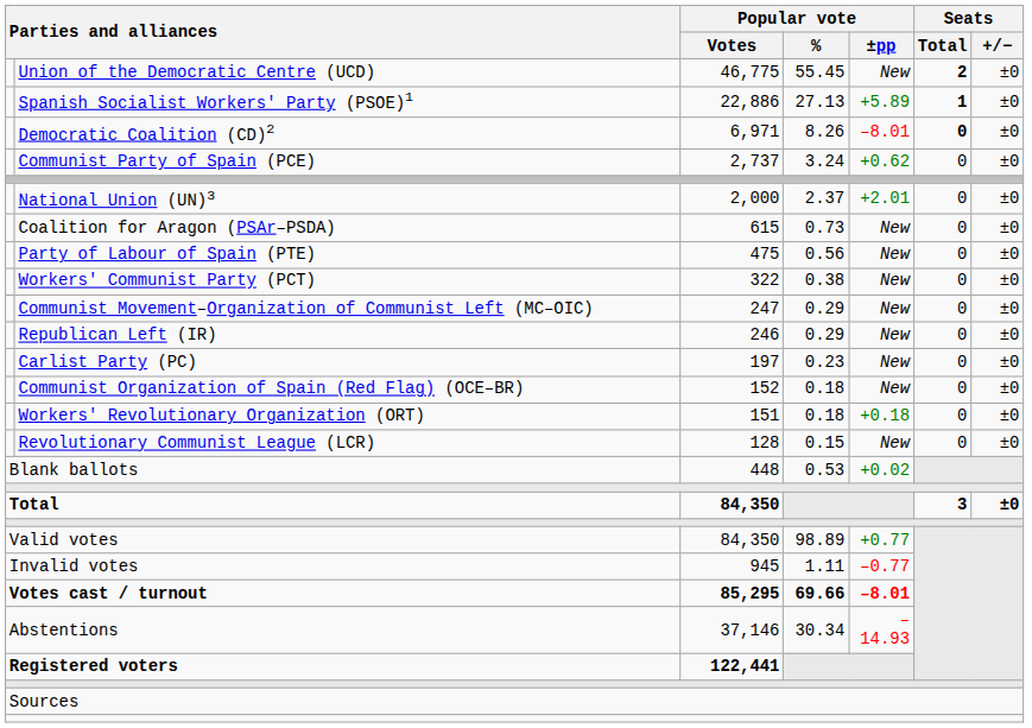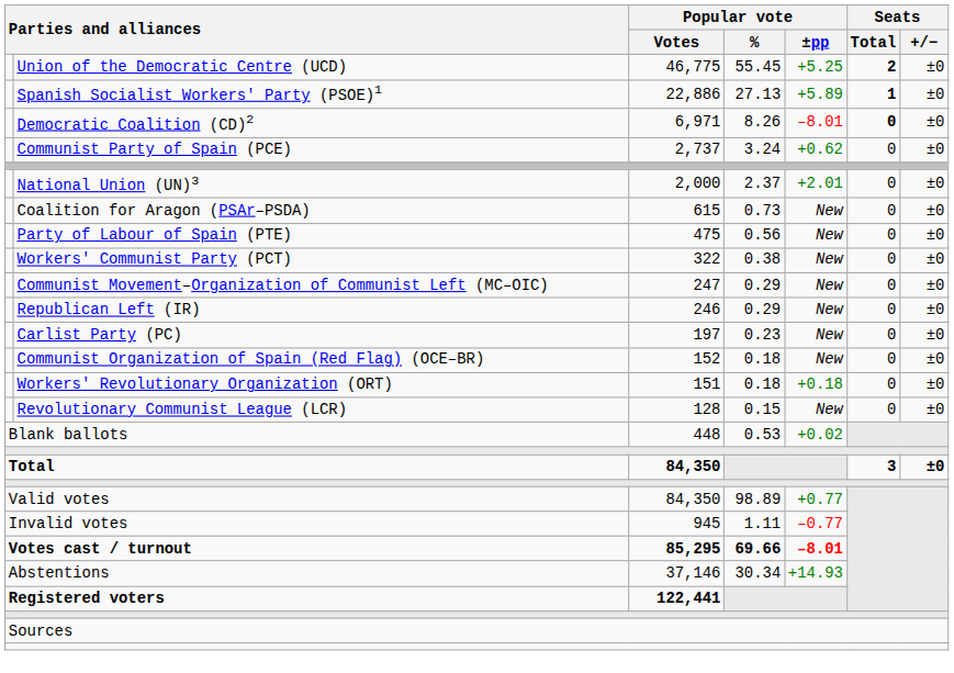 <table class="wikitable" style="text-align:right;">
 <tr>
 <th style="text-align:left;" rowspan="2" colspan="2" width="525">Parties and alliances</th>
 <th colspan="3">Popular vote</th>
 <th colspan="2">Seats</th>
 </tr>
 <tr>
 <th width="75">Votes</th>
 <th width="45">%</th>
 <th width="45">±<a href='#'>pp</a></th>
 <th width="35">Total</th>
 <th width="35">+/−</th>
 </tr>
 <tr>
 <td width="1" style="color:inherit;background:"></td>
 <td align="left"><a href='#'>Union of the Democratic Centre</a> (UCD)</td>
 <td>46,775</td>
 <td>55.45</td>
-<td><em>New</em></td>
+<td style="color:green;">+5.25</td>
 <td><strong>2</strong></td>
 <td>±0</td>
 </tr>
 <tr>
 <td style="color:inherit;background:"></td>
 <td align="left"><a href='#'>Spanish Socialist Workers' Party</a> (PSOE)<sup>1</sup></td>
 <td>22,886</td>
 <td>27.13</td>
 <td style="color:green;">+5.89</td>
 <td><strong>1</strong></td>
 <td>±0</td>
 </tr>
 <tr>
 <td style="color:inherit;background:"></td>
 <td align="left"><a href='#'>Democratic Coalition</a> (CD)<sup>2</sup></td>
 <td>6,971</td>
 <td>8.26</td>
 <td style="color:red;">–8.01</td>
 <td><strong>0</strong></td>
 <td>±0</td>
 </tr>
 <tr>
 <td style="color:inherit;background:"></td>
 <td align="left"><a href='#'>Communist Party of Spain</a> (PCE)</td>
 <td>2,737</td>
 <td>3.24</td>
 <td style="color:green;">+0.62</td>
 <td>0</td>
 <td>±0</td>
 </tr>
 <tr>
 <td colspan="7" bgcolor="#C0C0C0"></td>
 </tr>
 <tr>
 <td style="color:inherit;background:"></td>
 <td align="left"><a href='#'>National Union</a> (UN)<sup>3</sup></td>
 <td>2,000</td>
 <td>2.37</td>
 <td style="color:green;">+2.01</td>
 <td>0</td>
 <td>±0</td>
 </tr>
 <tr>
 <td style="color:inherit;background:"></td>
 <td align="left">Coalition for Aragon (<a href='#'>PSAr</a>–PSDA)</td>
 <td>615</td>
 <td>0.73</td>
 <td><em>New</em></td>
 <td>0</td>
 <td>±0</td>
 </tr>
 <tr>
 <td style="color:inherit;background:"></td>
 <td align="left"><a href='#'>Party of Labour of Spain</a> (PTE)</td>
 <td>475</td>
 <td>0.56</td>
 <td><em>New</em></td>
 <td>0</td>
 <td>±0</td>
 </tr>
 <tr>
 <td style="color:inherit;background:"></td>
 <td align="left"><a href='#'>Workers' Communist Party</a> (PCT)</td>
 <td>322</td>
 <td>0.38</td>
 <td><em>New</em></td>
 <td>0</td>
 <td>±0</td>
 </tr>
 <tr>
 <td style="color:inherit;background:"></td>
 <td align="left"><a href='#'>Communist Movement</a>–<a href='#'>Organization of Communist Left</a> (MC–OIC)</td>
 <td>247</td>
 <td>0.29</td>
 <td><em>New</em></td>
 <td>0</td>
 <td>±0</td>
 </tr>
 <tr>
 <td style="color:inherit;background:"></td>
 <td align="left"><a href='#'>Republican Left</a> (IR)</td>
 <td>246</td>
 <td>0.29</td>
 <td><em>New</em></td>
 <td>0</td>
 <td>±0</td>
 </tr>
 <tr>
 <td style="color:inherit;background:"></td>
 <td align="left"><a href='#'>Carlist Party</a> (PC)</td>
 <td>197</td>
 <td>0.23</td>
 <td><em>New</em></td>
 <td>0</td>
 <td>±0</td>
 </tr>
 <tr>
 <td style="color:inherit;background:"></td>
 <td align="left"><a href='#'>Communist Organization of Spain (Red Flag)</a> (OCE–BR)</td>
 <td>152</td>
 <td>0.18</td>
 <td><em>New</em></td>
 <td>0</td>
 <td>±0</td>
 </tr>
 <tr>
 <td style="color:inherit;background:"></td>
 <td align="left"><a href='#'>Workers' Revolutionary Organization</a> (ORT)</td>
 <td>151</td>
 <td>0.18</td>
 <td style="color:green;">+0.18</td>
 <td>0</td>
 <td>±0</td>
 </tr>
 <tr>
 <td style="color:inherit;background:"></td>
 <td align="left"><a href='#'>Revolutionary Communist League</a> (LCR)</td>
 <td>128</td>
 <td>0.15</td>
 <td><em>New</em></td>
 <td>0</td>
 <td>±0</td>
 </tr>
 <tr>
 <td align="left" colspan="2">Blank ballots</td>
 <td>448</td>
 <td>0.53</td>
 <td style="color:green;">+0.02</td>
 <td bgcolor="#E9E9E9" colspan="2"></td>
 </tr>
 <tr>
 <td colspan="7" bgcolor="#E9E9E9"></td>
 </tr>
 <tr style="font-weight:bold;">
 <td align="left" colspan="2">Total</td>
 <td>84,350</td>
 <td bgcolor="#E9E9E9" colspan="2"></td>
 <td>3</td>
 <td>±0</td>
 </tr>
 <tr>
 <td colspan="7" bgcolor="#E9E9E9"></td>
 </tr>
 <tr>
 <td align="left" colspan="2">Valid votes</td>
 <td>84,350</td>
 <td>98.89</td>
 <td style="color:green;">+0.77</td>
 <td bgcolor="#E9E9E9" colspan="2" rowspan="5"></td>
 </tr>
 <tr>
 <td align="left" colspan="2">Invalid votes</td>
 <td>945</td>
 <td>1.11</td>
 <td style="color:red;">–0.77</td>
 </tr>
 <tr style="font-weight:bold;">
 <td align="left" colspan="2">Votes cast / turnout</td>
 <td>85,295</td>
 <td>69.66</td>
 <td style="color:red;">–8.01</td>
 </tr>
 <tr>
 <td align="left" colspan="2">Abstentions</td>
 <td>37,146</td>
 <td>30.34</td>
-<td style="color:red;">–14.93</td>
+<td style="color:green;">+14.93</td>
 </tr>
 <tr style="font-weight:bold;">
 <td align="left" colspan="2">Registered voters</td>
 <td>122,441</td>
 <td bgcolor="#E9E9E9" colspan="2"></td>
 </tr>
 <tr>
 <td colspan="7" bgcolor="#E9E9E9"></td>
 </tr>
 <tr>
 <td align="left" colspan="7">Sources</td>
 </tr>
 <tr>
 <td colspan="7" style="text-align:left; max-width:790px;"></td>
 </tr>
 </table>
